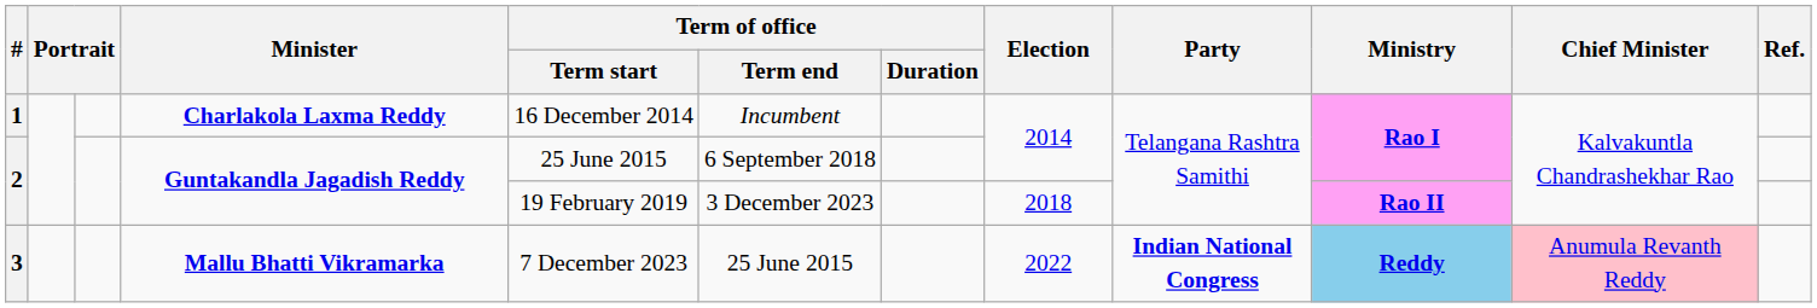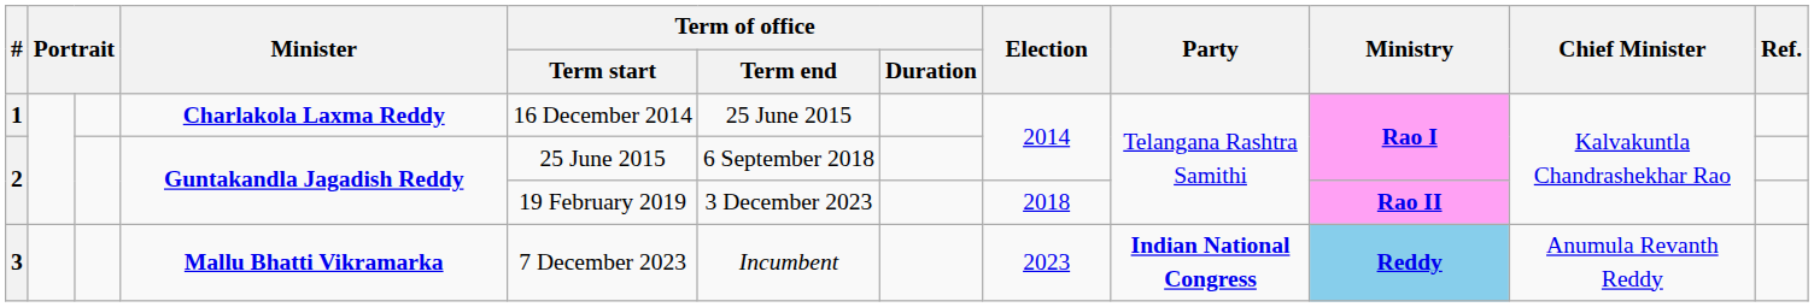 <table class="wikitable" style="line-height:1.4em; text-align:center">
 <tr>
 <th rowspan=2>#</th>
 <th rowspan=2 colspan="2">Portrait</th>
 <th rowspan=2 style="width:16em">Minister<br></th>
 <th colspan="3">Term of office</th>
 <th rowspan=2 style="width:5em">Election<br></th>
 <th rowspan=2 style="width:8em">Party</th>
 <th rowspan=2 style="width:8em">Ministry</th>
 <th rowspan=2 style="width:10em">Chief Minister</th>
 <th rowspan=2>Ref.</th>
 </tr>
 <tr>
 <th>Term start</th>
 <th>Term end</th>
 <th>Duration</th>
 </tr>
 <tr>
 <th>1</th>
 <td rowspan=3></td>
 <td></td>
 <td><strong><a href='#'>Charlakola Laxma Reddy</a></strong><br></td>
 <td>16 December 2014</td>
-<td><em>Incumbent</em></td>
+<td>25 June 2015</td>
 <td><strong></strong></td>
 <td rowspan=2><a href='#'>2014</a><br></td>
 <td rowspan="3"><a href='#'>Telangana Rashtra Samithi</a></td>
 <td rowspan=2 bgcolor="#FFA1F4"><strong><a href='#'>Rao I</a></strong></td>
 <td rowspan="3"><a href='#'>Kalvakuntla Chandrashekhar Rao</a></td>
 <td></td>
 </tr>
 <tr>
 <th rowspan=2>2</th>
 <td rowspan=2></td>
 <td rowspan=2><strong><a href='#'>Guntakandla Jagadish Reddy</a></strong><br></td>
 <td>25 June 2015</td>
 <td>6 September 2018</td>
 <td><strong></strong></td>
 <td></td>
 </tr>
 <tr style="text-align: center;">
 <td>19 February 2019</td>
 <td>3 December 2023</td>
 <td><strong></strong></td>
 <td><a href='#'>2018</a><br></td>
 <td bgcolor="#FFA1F4"><strong><a href='#'>Rao II</a></strong></td>
 <td></td>
 </tr>
 <tr>
 <th>3</th>
 <td></td>
 <td></td>
 <td><strong><a href='#'>Mallu Bhatti Vikramarka</a></strong><br></td>
 <td>7 December 2023</td>
-<td>25 June 2015</td>
+<td><em>Incumbent</em></td>
 <td><strong></strong></td>
-<td><a href='#'>2022</a><br></td>
+<td><a href='#'>2023</a><br></td>
 <td><strong><a href='#'>Indian National Congress</a></strong></td>
 <td bgcolor="#87CEEB"><strong><a href='#'>Reddy</a></strong></td>
-<td style="background: pink;"><a href='#'>Anumula Revanth Reddy</a></td>
+<td><a href='#'>Anumula Revanth Reddy</a></td>
 <td></td>
 </tr>
 </table>
